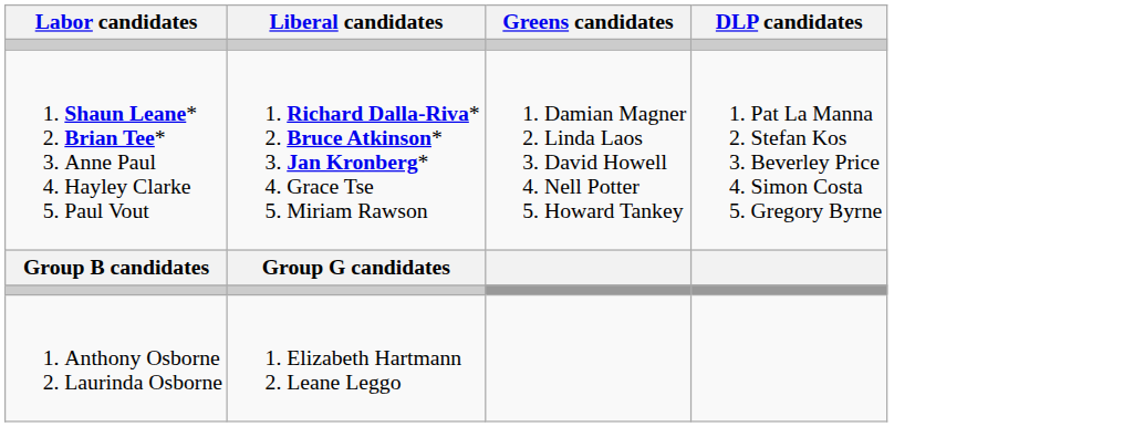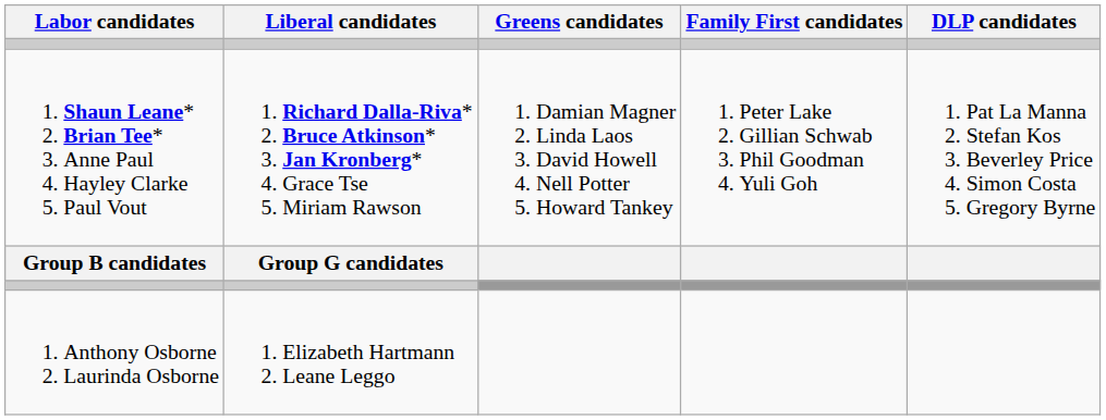 <table class="wikitable">
 <tr>
 <th><a href='#'>Labor</a> candidates</th>
 <th><a href='#'>Liberal</a> candidates</th>
 <th><a href='#'>Greens</a> candidates</th>
+<th><a href='#'>Family First</a> candidates</th>
 <th><a href='#'>DLP</a> candidates</th>
 </tr>
 <tr bgcolor="#cccccc">
+<td></td>
 <td></td>
 <td></td>
 <td></td>
 <td></td>
 </tr>
 <tr>
 <td><br><ol><li><strong><a href='#'>Shaun Leane</a></strong>*</li><li><strong><a href='#'>Brian Tee</a></strong>*</li><li>Anne Paul</li><li>Hayley Clarke</li><li>Paul Vout</li></ol></td>
 <td><br><ol><li><strong><a href='#'>Richard Dalla-Riva</a></strong>*</li><li><strong><a href='#'>Bruce Atkinson</a></strong>*</li><li><strong><a href='#'>Jan Kronberg</a></strong>*</li><li>Grace Tse</li><li>Miriam Rawson</li></ol></td>
 <td valign=top><br><ol><li>Damian Magner</li><li>Linda Laos</li><li>David Howell</li><li>Nell Potter</li><li>Howard Tankey</li></ol></td>
+<td valign=top><br><ol><li>Peter Lake</li><li>Gillian Schwab</li><li>Phil Goodman</li><li>Yuli Goh</li></ol></td>
 <td valign=top><br><ol><li>Pat La Manna</li><li>Stefan Kos</li><li>Beverley Price</li><li>Simon Costa</li><li>Gregory Byrne</li></ol></td>
 </tr>
 <tr bgcolor="#cccccc">
 <th>Group B candidates</th>
 <th>Group G candidates</th>
+<th></th>
 <th></th>
 <th></th>
 </tr>
 <tr bgcolor="#cccccc">
 <td></td>
 <td></td>
 <td bgcolor="#999999"></td>
 <td bgcolor="#999999"></td>
+<td bgcolor="#999999"></td>
 </tr>
 <tr>
 <td valign=top><br><ol><li>Anthony Osborne</li><li>Laurinda Osborne</li></ol></td>
 <td valign=top><br><ol><li>Elizabeth Hartmann</li><li>Leane Leggo</li></ol></td>
 <td valign=top></td>
 <td valign=top></td>
+<td valign=top></td>
 </tr>
 </table>
